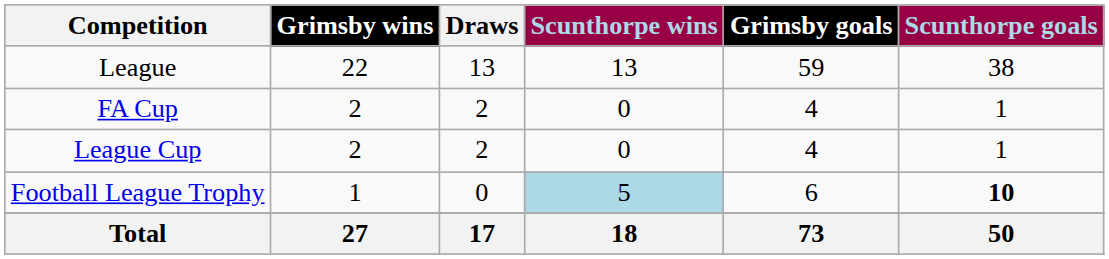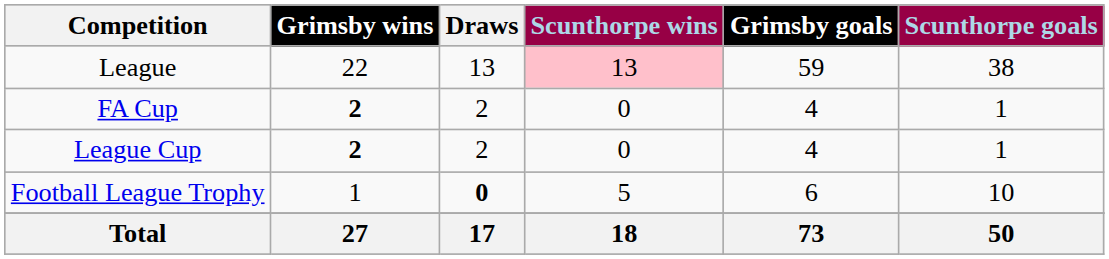 <table class="wikitable" style="text-align: center;">
 <tr>
 <th>Competition</th>
 <th style="background: black; color: white">Grimsby wins</th>
 <th>Draws</th>
 <th style="background: #970045; color: #ADD8E6">Scunthorpe wins</th>
 <th style="background: black; color: white">Grimsby goals</th>
 <th style="background: #970045; color: #ADD8E6">Scunthorpe goals</th>
 </tr>
 <tr>
 <td>League</td>
 <td>22</td>
 <td>13</td>
-<td>13</td>
+<td style="background: pink;">13</td>
 <td>59</td>
 <td>38</td>
 </tr>
 <tr>
 <td><a href='#'>FA Cup</a></td>
-<td>2</td>
+<td><strong>2</strong></td>
 <td>2</td>
 <td>0</td>
 <td>4</td>
 <td>1</td>
 </tr>
 <tr>
 <td><a href='#'>League Cup</a></td>
-<td>2</td>
+<td><strong>2</strong></td>
 <td>2</td>
 <td>0</td>
 <td>4</td>
 <td>1</td>
 </tr>
 <tr>
 <td><a href='#'>Football League Trophy</a></td>
 <td>1</td>
-<td>0</td>
-<td style="background: lightblue;">5</td>
+<td><strong>0</strong></td>
+<td>5</td>
 <td>6</td>
-<td><strong>10</strong></td>
+<td>10</td>
 </tr>
 <tr>
 </tr>
 <tr class="sortbottom">
 <th>Total</th>
 <th>27</th>
 <th>17</th>
 <th>18</th>
 <th>73</th>
 <th>50</th>
 </tr>
 </table>
